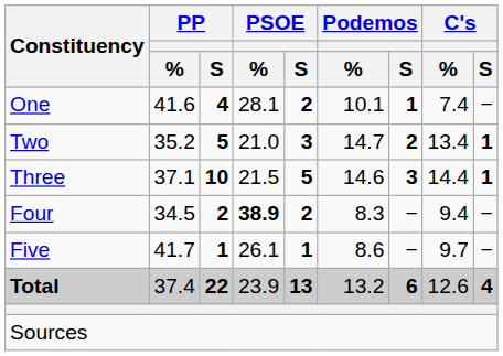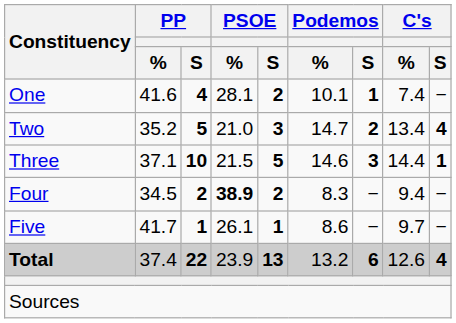 <table class="wikitable sortable" style="text-align:right; line-height:20px;">
 <tr>
 <th rowspan="3">Constituency</th>
 <th colspan="2" width="30px" class="unsortable"><a href='#'>PP</a></th>
 <th colspan="2" width="30px" class="unsortable"><a href='#'>PSOE</a></th>
 <th colspan="2" width="30px" class="unsortable"><a href='#'>Podemos</a></th>
 <th colspan="2" width="30px" class="unsortable"><a href='#'>C's</a></th>
 </tr>
 <tr>
 <th colspan="2" style="background:"></th>
 <th colspan="2" style="background:"></th>
 <th colspan="2" style="background:"></th>
 <th colspan="2" style="background:"></th>
 </tr>
 <tr>
 <th data-sort-type="number">%</th>
 <th data-sort-type="number">S</th>
 <th data-sort-type="number">%</th>
 <th data-sort-type="number">S</th>
 <th data-sort-type="number">%</th>
 <th data-sort-type="number">S</th>
 <th data-sort-type="number">%</th>
 <th data-sort-type="number">S</th>
 </tr>
 <tr>
 <td align="left"><a href='#'>One</a></td>
 <td style="background:">41.6</td>
 <td><strong>4</strong></td>
 <td>28.1</td>
 <td><strong>2</strong></td>
 <td>10.1</td>
 <td><strong>1</strong></td>
 <td>7.4</td>
 <td>−</td>
 </tr>
 <tr>
 <td align="left"><a href='#'>Two</a></td>
 <td style="background:">35.2</td>
 <td><strong>5</strong></td>
 <td>21.0</td>
 <td><strong>3</strong></td>
 <td>14.7</td>
 <td><strong>2</strong></td>
 <td>13.4</td>
-<td><strong>1</strong></td>
+<td><strong>4</strong></td>
 </tr>
 <tr>
 <td align="left"><a href='#'>Three</a></td>
 <td style="background:">37.1</td>
 <td><strong>10</strong></td>
 <td>21.5</td>
 <td><strong>5</strong></td>
 <td>14.6</td>
 <td><strong>3</strong></td>
 <td>14.4</td>
 <td><strong>1</strong></td>
 </tr>
 <tr>
 <td align="left"><a href='#'>Four</a></td>
 <td>34.5</td>
 <td><strong>2</strong></td>
 <td style="background:"><strong>38.9</strong></td>
 <td><strong>2</strong></td>
 <td>8.3</td>
 <td>−</td>
 <td>9.4</td>
 <td>−</td>
 </tr>
 <tr>
 <td align="left"><a href='#'>Five</a></td>
 <td style="background:">41.7</td>
 <td><strong>1</strong></td>
 <td>26.1</td>
 <td><strong>1</strong></td>
 <td>8.6</td>
 <td>−</td>
 <td>9.7</td>
 <td>−</td>
 </tr>
 <tr style="background:#CDCDCD;">
 <td align="left"><strong>Total</strong></td>
 <td style="background:">37.4</td>
 <td><strong>22</strong></td>
 <td>23.9</td>
 <td><strong>13</strong></td>
 <td>13.2</td>
 <td><strong>6</strong></td>
 <td>12.6</td>
 <td><strong>4</strong></td>
 </tr>
 <tr>
 <th colspan="9" bgcolor="#E9E9E9"></th>
 </tr>
 <tr>
 <th style="text-align:left; font-weight:normal; background:#F9F9F9" colspan="9">Sources</th>
 </tr>
 </table>
